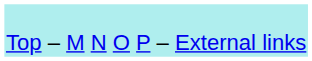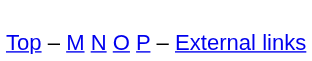 <table id="toc" class="toc" summary="Contents" align="center">
 <tr>
 <th></th>
 </tr>
 <tr>
-<td align="center" style="background: paleturquoise;"><br><a href='#'>Top</a> – <a href='#'>M</a> <a href='#'>N</a> <a href='#'>O</a> <a href='#'>P</a> – <a href='#'>External links</a> </td>
+<td align="center"><br><a href='#'>Top</a> – <a href='#'>M</a> <a href='#'>N</a> <a href='#'>O</a> <a href='#'>P</a> – <a href='#'>External links</a> </td>
 </tr>
 </table>
